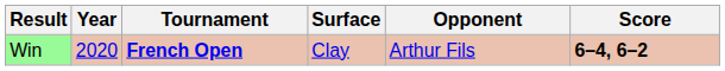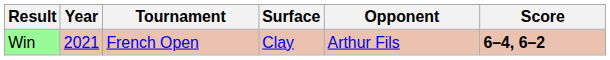 <table class="wikitable">
 <tr>
 <th>Result</th>
 <th>Year</th>
 <th width=150>Tournament</th>
 <th>Surface</th>
 <th width=150>Opponent</th>
 <th width=120 class="unsortable">Score</th>
 </tr>
 <tr style="background:#ebc2af;">
 <td bgcolor=98fb98>Win</td>
-<td><a href='#'>2020</a></td>
-<td><strong><a href='#'>French Open</a></strong></td>
+<td><a href='#'>2021</a></td>
+<td><a href='#'>French Open</a></td>
 <td><a href='#'>Clay</a></td>
 <td> <a href='#'>Arthur Fils</a></td>
 <td><strong>6–4, 6–2</strong></td>
 </tr>
 </table>
